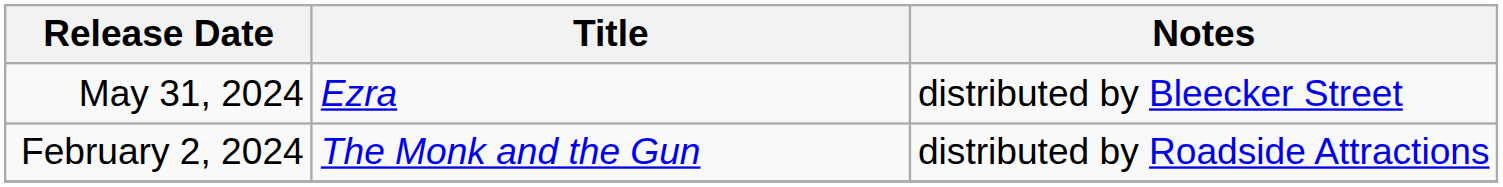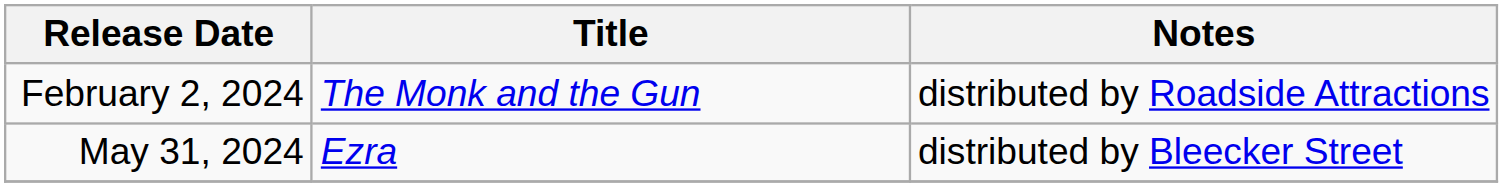 <table class="wikitable sortable">
 <tr>
 <th style="width:125px;">Release Date</th>
 <th style="width:250px;">Title</th>
 <th>Notes</th>
 </tr>
 <tr>
+<td style="text-align:right;">February 2, 2024</td>
+<td><em><a href='#'>The Monk and the Gun</a></em></td>
+<td>distributed by <a href='#'>Roadside Attractions</a></td>
+</tr>
+<tr>
 <td style="text-align:right;">May 31, 2024</td>
 <td><em><a href='#'>Ezra</a></em></td>
 <td>distributed by <a href='#'>Bleecker Street</a></td>
 </tr>
 <tr>
-<td style="text-align:right;">February 2, 2024</td>
-<td><em><a href='#'>The Monk and the Gun</a></em></td>
-<td>distributed by <a href='#'>Roadside Attractions</a></td>
-</tr>
-<tr>
 </tr>
 </table>
